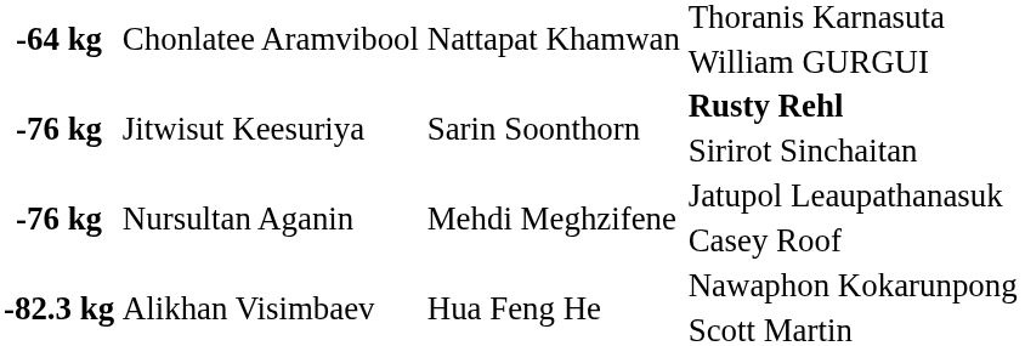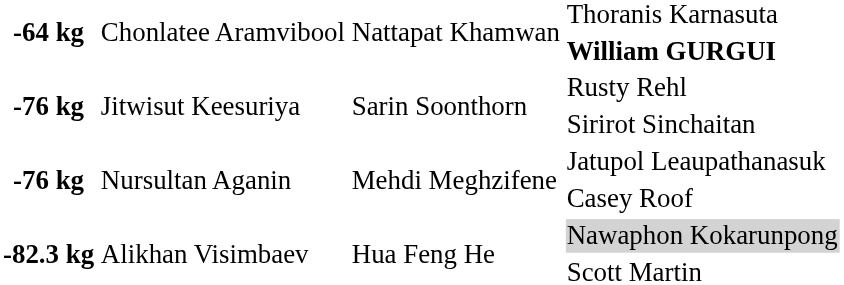 <table>
 <tr>
 <th scope=row rowspan=2>-64 kg</th>
 <td rowspan=2> Chonlatee Aramvibool</td>
 <td rowspan=2> Nattapat Khamwan</td>
 <td> Thoranis Karnasuta</td>
 </tr>
 <tr>
-<td> William GURGUI</td>
+<td><strong> William GURGUI</strong></td>
 </tr>
 <tr>
 <th scope=row rowspan=2>-76 kg</th>
 <td rowspan=2> Jitwisut Keesuriya</td>
 <td rowspan=2> Sarin Soonthorn</td>
-<td><strong> Rusty Rehl</strong></td>
+<td> Rusty Rehl</td>
 </tr>
 <tr>
 <td> Sirirot Sinchaitan</td>
 </tr>
 <tr>
 <th scope=row rowspan=2>-76 kg</th>
 <td rowspan=2> Nursultan Aganin</td>
 <td rowspan=2> Mehdi Meghzifene</td>
 <td> Jatupol Leaupathanasuk</td>
 </tr>
 <tr>
 <td> Casey Roof</td>
 </tr>
 <tr>
 <th scope=row rowspan=2>-82.3 kg</th>
 <td rowspan=2> Alikhan Visimbaev</td>
 <td rowspan=2> Hua Feng He</td>
-<td> Nawaphon Kokarunpong</td>
+<td style="background: lightgrey;"> Nawaphon Kokarunpong</td>
 </tr>
 <tr>
 <td> Scott Martin</td>
 </tr>
 <tr>
 </tr>
 </table>
